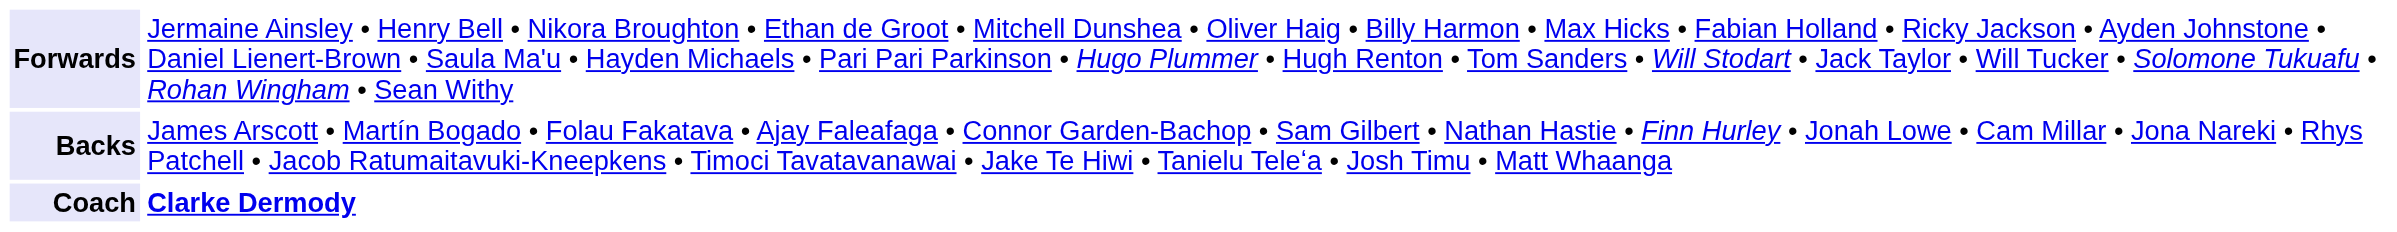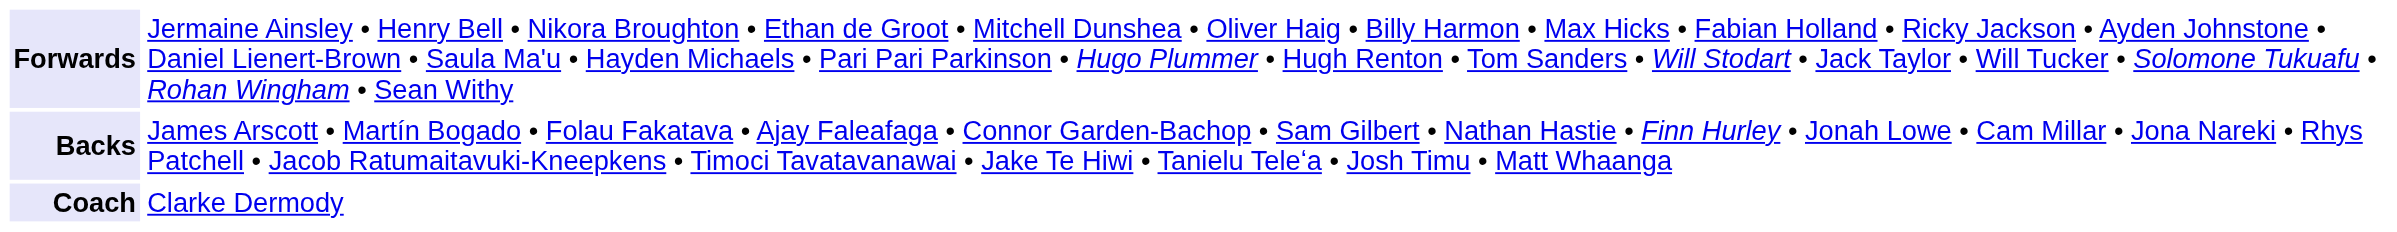 <table cellpadding="2" style="border:1px solid white;font-size:90%">
 <tr>
 <td style="text-align:right" bgcolor="lavender"><strong>Forwards</strong></td>
 <td style="text-align:left"><a href='#'>Jermaine Ainsley</a> • <a href='#'>Henry Bell</a> • <a href='#'>Nikora Broughton</a> • <a href='#'>Ethan de Groot</a> • <a href='#'>Mitchell Dunshea</a> • <a href='#'>Oliver Haig</a> • <a href='#'>Billy Harmon</a> • <a href='#'>Max Hicks</a> • <a href='#'>Fabian Holland</a> • <a href='#'>Ricky Jackson</a> • <a href='#'>Ayden Johnstone</a> • <a href='#'>Daniel Lienert-Brown</a> • <a href='#'>Saula Ma'u</a> • <a href='#'>Hayden Michaels</a> • <a href='#'>Pari Pari Parkinson</a> • <em><a href='#'>Hugo Plummer</a></em> • <a href='#'>Hugh Renton</a> • <a href='#'>Tom Sanders</a> • <em><a href='#'>Will Stodart</a></em> • <a href='#'>Jack Taylor</a> • <a href='#'>Will Tucker</a> • <em><a href='#'>Solomone Tukuafu</a></em> • <em><a href='#'>Rohan Wingham</a></em> • <a href='#'>Sean Withy</a></td>
 </tr>
 <tr>
 <td style="text-align:right" bgcolor="lavender"><strong>Backs</strong></td>
 <td style="text-align:left"><a href='#'>James Arscott</a> • <a href='#'>Martín Bogado</a> • <a href='#'>Folau Fakatava</a> • <a href='#'>Ajay Faleafaga</a> • <a href='#'>Connor Garden-Bachop</a> • <a href='#'>Sam Gilbert</a> • <a href='#'>Nathan Hastie</a> • <em><a href='#'>Finn Hurley</a></em> • <a href='#'>Jonah Lowe</a> • <a href='#'>Cam Millar</a> • <a href='#'>Jona Nareki</a> • <a href='#'>Rhys Patchell</a> • <a href='#'>Jacob Ratumaitavuki-Kneepkens</a> • <a href='#'>Timoci Tavatavanawai</a> • <a href='#'>Jake Te Hiwi</a> • <a href='#'>Tanielu Teleʻa</a> • <a href='#'>Josh Timu</a> • <a href='#'>Matt Whaanga</a></td>
 </tr>
 <tr>
 <td style="text-align:right" bgcolor="lavender"><strong>Coach</strong></td>
-<td style="text-align:left"><strong><a href='#'>Clarke Dermody</a></strong></td>
+<td style="text-align:left"><a href='#'>Clarke Dermody</a></td>
 </tr>
 </table>
